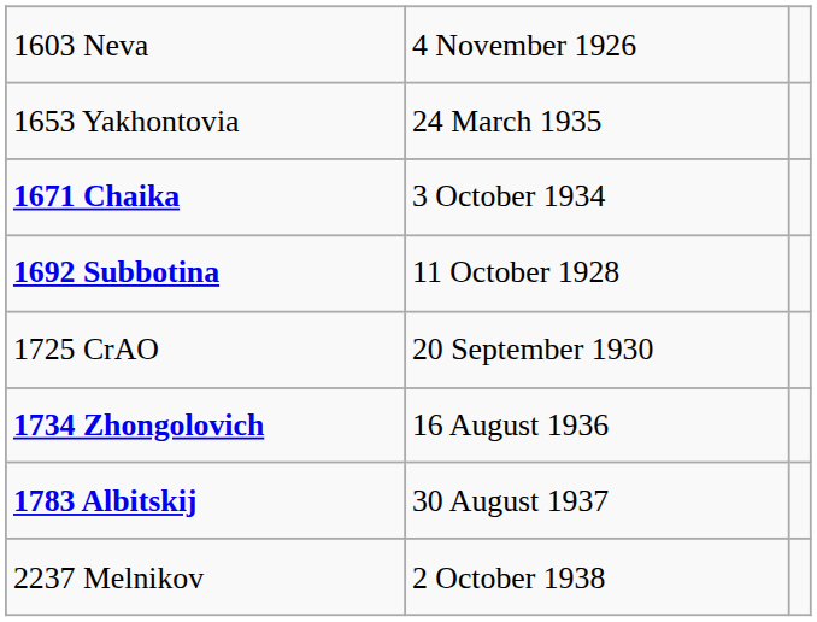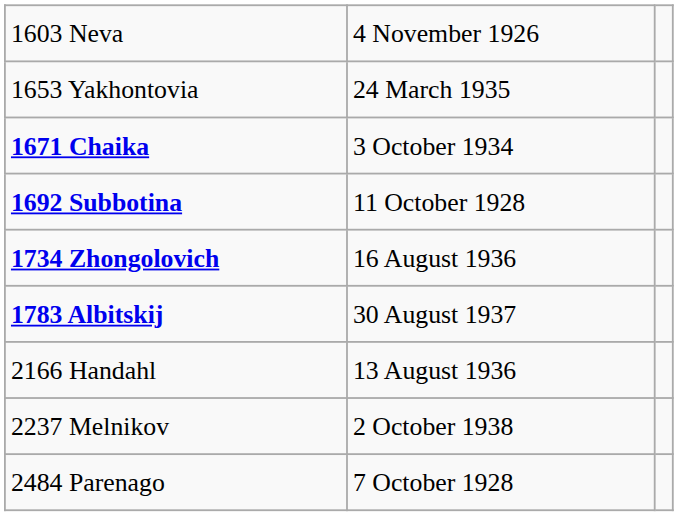 <table class="wikitable" style="font-size: 89%; float: left; width: 26em; margin-right: 1em; height: 280px;">
 <tr>
 <td>1603 Neva</td>
 <td>4 November 1926</td>
 <td></td>
 </tr>
 <tr>
 <td>1653 Yakhontovia</td>
 <td>24 March 1935</td>
 <td></td>
 </tr>
 <tr>
 <td><strong><a href='#'>1671 Chaika</a></strong></td>
 <td>3 October 1934</td>
 <td></td>
 </tr>
 <tr>
 <td><strong><a href='#'>1692 Subbotina</a></strong></td>
 <td>11 October 1928</td>
 <td></td>
 </tr>
 <tr>
-<td>1725 CrAO</td>
-<td>20 September 1930</td>
-<td></td>
-</tr>
-<tr>
 <td><strong><a href='#'>1734 Zhongolovich</a></strong></td>
 <td>16 August 1936</td>
 <td></td>
 </tr>
 <tr>
 <td><strong><a href='#'>1783 Albitskij</a></strong></td>
 <td>30 August 1937</td>
 <td></td>
 </tr>
 <tr>
+<td>2166 Handahl</td>
+<td>13 August 1936</td>
+<td></td>
+</tr>
+<tr>
 <td>2237 Melnikov</td>
 <td>2 October 1938</td>
 <td></td>
 </tr>
+<tr>
+<td>2484 Parenago</td>
+<td>7 October 1928</td>
+<td></td>
+</tr>
 </table>
